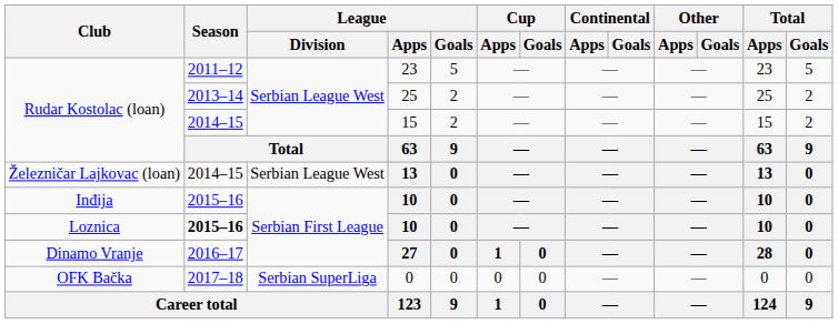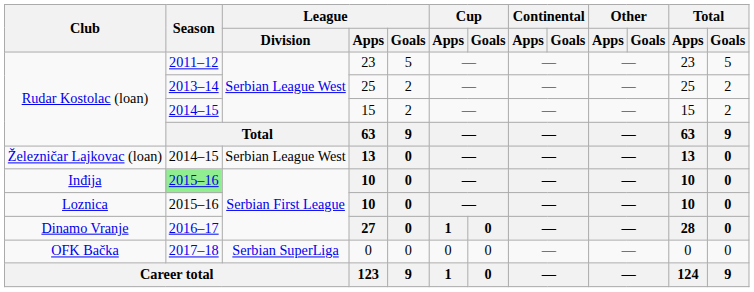 <table class="wikitable" style="text-align: center;font-size:90%">
 <tr>
 <th rowspan="2">Club</th>
 <th rowspan="2">Season</th>
 <th colspan="3">League</th>
 <th colspan="2">Cup</th>
 <th colspan="2">Continental</th>
 <th colspan="2">Other</th>
 <th colspan="2">Total</th>
 </tr>
 <tr>
 <th>Division</th>
 <th>Apps</th>
 <th>Goals</th>
 <th>Apps</th>
 <th>Goals</th>
 <th>Apps</th>
 <th>Goals</th>
 <th>Apps</th>
 <th>Goals</th>
 <th>Apps</th>
 <th>Goals</th>
 </tr>
 <tr>
 <td rowspan="4"><a href='#'>Rudar Kostolac</a> (loan)</td>
 <td><a href='#'>2011–12</a></td>
 <td rowspan=3><a href='#'>Serbian League West</a></td>
 <td>23</td>
 <td>5</td>
 <td colspan="2">—</td>
 <td colspan="2">—</td>
 <td colspan="2">—</td>
 <td>23</td>
 <td>5</td>
 </tr>
 <tr>
 <td><a href='#'>2013–14</a></td>
 <td>25</td>
 <td>2</td>
 <td colspan="2">—</td>
 <td colspan="2">—</td>
 <td colspan="2">—</td>
 <td>25</td>
 <td>2</td>
 </tr>
 <tr>
 <td><a href='#'>2014–15</a></td>
 <td>15</td>
 <td>2</td>
 <td colspan="2">—</td>
 <td colspan="2">—</td>
 <td colspan="2">—</td>
 <td>15</td>
 <td>2</td>
 </tr>
 <tr>
 <th colspan="2">Total</th>
 <th>63</th>
 <th>9</th>
 <th colspan="2">—</th>
 <th colspan="2">—</th>
 <th colspan="2">—</th>
 <th>63</th>
 <th>9</th>
 </tr>
 <tr>
 <td><a href='#'>Železničar Lajkovac</a> (loan)</td>
 <td>2014–15</td>
 <td>Serbian League West</td>
 <th>13</th>
 <th>0</th>
 <th colspan="2">—</th>
 <th colspan="2">—</th>
 <th colspan="2">—</th>
 <th>13</th>
 <th>0</th>
 </tr>
 <tr>
 <td><a href='#'>Inđija</a></td>
-<td><a href='#'>2015–16</a></td>
+<td style="background: lightgreen;"><a href='#'>2015–16</a></td>
 <td rowspan=3><a href='#'>Serbian First League</a></td>
 <th>10</th>
 <th>0</th>
 <th colspan="2">—</th>
 <th colspan="2">—</th>
 <th colspan="2">—</th>
 <th>10</th>
 <th>0</th>
 </tr>
 <tr>
 <td><a href='#'>Loznica</a></td>
-<td><strong>2015–16</strong></td>
+<td>2015–16</td>
 <th>10</th>
 <th>0</th>
 <th colspan="2">—</th>
 <th colspan="2">—</th>
 <th colspan="2">—</th>
 <th>10</th>
 <th>0</th>
 </tr>
 <tr>
 <td><a href='#'>Dinamo Vranje</a></td>
 <td><a href='#'>2016–17</a></td>
 <th>27</th>
 <th>0</th>
 <th>1</th>
 <th>0</th>
 <th colspan="2">—</th>
 <th colspan="2">—</th>
 <th>28</th>
 <th>0</th>
 </tr>
 <tr>
 <td><a href='#'>OFK Bačka</a></td>
 <td><a href='#'>2017–18</a></td>
 <td><a href='#'>Serbian SuperLiga</a></td>
 <td>0</td>
 <td>0</td>
 <td>0</td>
 <td>0</td>
 <td colspan="2">—</td>
 <td colspan="2">—</td>
 <td>0</td>
 <td>0</td>
 </tr>
 <tr>
 <th colspan="3">Career total</th>
 <th>123</th>
 <th>9</th>
 <th>1</th>
 <th>0</th>
 <th colspan="2">—</th>
 <th colspan="2">—</th>
 <th>124</th>
 <th>9</th>
 </tr>
 </table>
